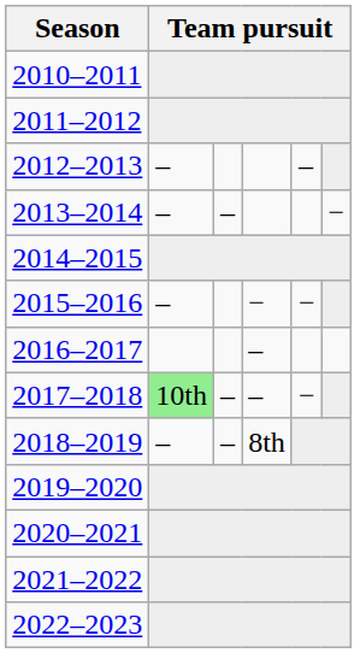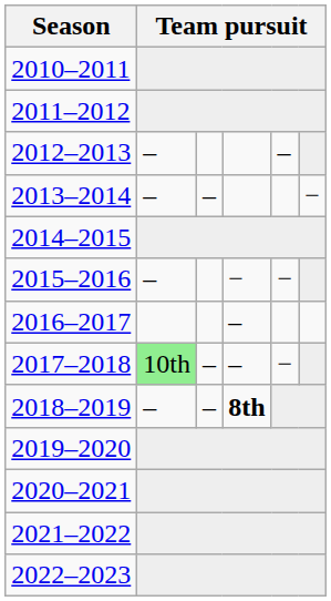 <table class="wikitable" style="display: inline-table;">
 <tr>
 <th>Season</th>
 <th colspan="5">Team pursuit</th>
 </tr>
 <tr>
 <td><a href='#'>2010–2011</a></td>
 <td colspan="5" bgcolor=#EEEEEE></td>
 </tr>
 <tr>
 <td><a href='#'>2011–2012</a></td>
 <td colspan="5" bgcolor=#EEEEEE></td>
 </tr>
 <tr>
 <td><a href='#'>2012–2013</a></td>
 <td>–</td>
 <td></td>
 <td></td>
 <td>–</td>
 <td colspan="1" bgcolor=#EEEEEE></td>
 </tr>
 <tr>
 <td><a href='#'>2013–2014</a></td>
 <td>–</td>
 <td>–</td>
 <td></td>
 <td></td>
 <td>−</td>
 </tr>
 <tr>
 <td><a href='#'>2014–2015</a></td>
 <td colspan="5" bgcolor=#EEEEEE></td>
 </tr>
 <tr>
 <td><a href='#'>2015–2016</a></td>
 <td>–</td>
 <td></td>
 <td>−</td>
 <td>−</td>
 <td colspan="1" bgcolor=#EEEEEE></td>
 </tr>
 <tr>
 <td><a href='#'>2016–2017</a></td>
 <td></td>
 <td></td>
 <td>–</td>
 <td></td>
 <td></td>
 </tr>
 <tr>
 <td><a href='#'>2017–2018</a></td>
 <td style="background: lightgreen;">10th</td>
 <td>–</td>
 <td>–</td>
 <td>−</td>
 <td colspan="2" bgcolor=#EEEEEE></td>
 </tr>
 <tr>
 <td><a href='#'>2018–2019</a></td>
 <td>–</td>
 <td>–</td>
-<td>8th</td>
+<td><strong>8th</strong></td>
 <td colspan="2" bgcolor=#EEEEEE></td>
 </tr>
 <tr>
 <td><a href='#'>2019–2020</a></td>
 <td colspan="5" bgcolor=#EEEEEE></td>
 </tr>
 <tr>
 <td><a href='#'>2020–2021</a></td>
 <td colspan="5" bgcolor=#EEEEEE></td>
 </tr>
 <tr>
 <td><a href='#'>2021–2022</a></td>
 <td colspan="5" bgcolor=#EEEEEE></td>
 </tr>
 <tr>
 <td><a href='#'>2022–2023</a></td>
 <td colspan="5" bgcolor=#EEEEEE></td>
 </tr>
 </table>
